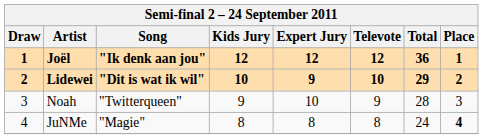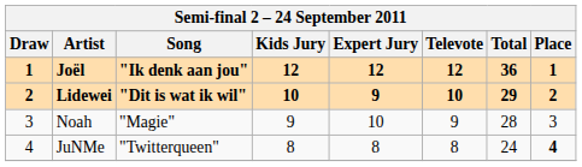 <table class="sortable wikitable" style="margin: 1em auto 1em auto; text-align:center;">
 <tr>
 <th colspan="8">Semi-final 2 – 24 September 2011</th>
 </tr>
 <tr bgcolor="#CCCCCC">
 <th>Draw</th>
 <th>Artist</th>
 <th>Song</th>
 <th>Kids Jury</th>
 <th>Expert Jury</th>
 <th>Televote</th>
 <th>Total</th>
 <th>Place</th>
 </tr>
 <tr style="font-weight:bold; background:#FFDEAD;">
 <td>1</td>
 <td align="left"><strong>Joël</strong></td>
 <td align="left">"<strong>Ik denk aan jou"</strong></td>
 <td><strong>12</strong></td>
 <td><strong>12</strong></td>
 <td><strong>12</strong></td>
 <td><strong>36</strong></td>
 <td><strong>1</strong></td>
 </tr>
 <tr style="font-weight:bold; background:#FFDEAD;">
 <td>2</td>
 <td align="left"><strong>Lidewei</strong></td>
 <td align="left">"<strong>Dit is wat ik wil"</strong></td>
 <td><strong>10</strong></td>
 <td><strong>9</strong></td>
 <td><strong>10</strong></td>
 <td><strong>29</strong></td>
 <td><strong>2</strong></td>
 </tr>
 <tr>
 <td>3</td>
 <td align="left">Noah</td>
-<td align="left">"Twitterqueen"</td>
+<td align="left">"Magie"</td>
 <td>9</td>
 <td>10</td>
 <td>9</td>
 <td>28</td>
 <td>3</td>
 </tr>
 <tr>
 <td>4</td>
 <td align="left">JuNMe</td>
-<td align="left">"Magie"</td>
+<td align="left">"Twitterqueen"</td>
 <td>8</td>
 <td>8</td>
 <td>8</td>
 <td>24</td>
 <td><strong>4</strong></td>
 </tr>
 <tr>
 </tr>
 </table>
